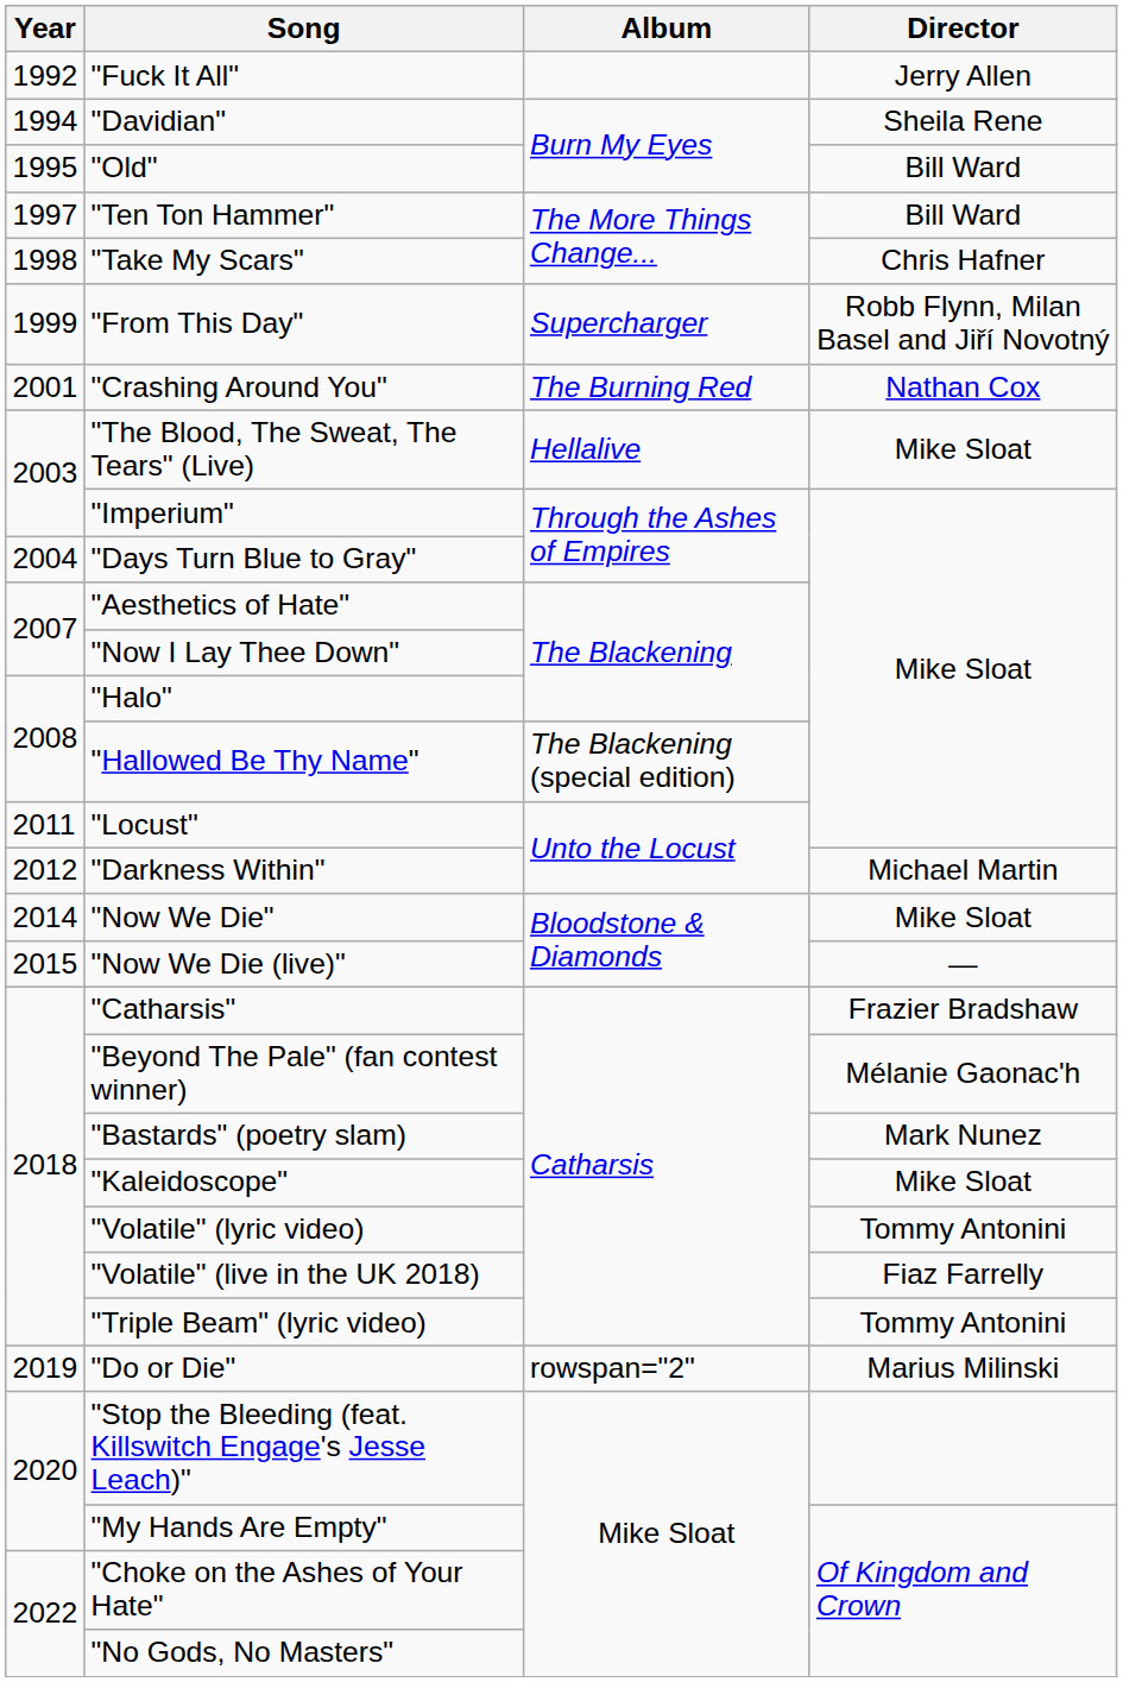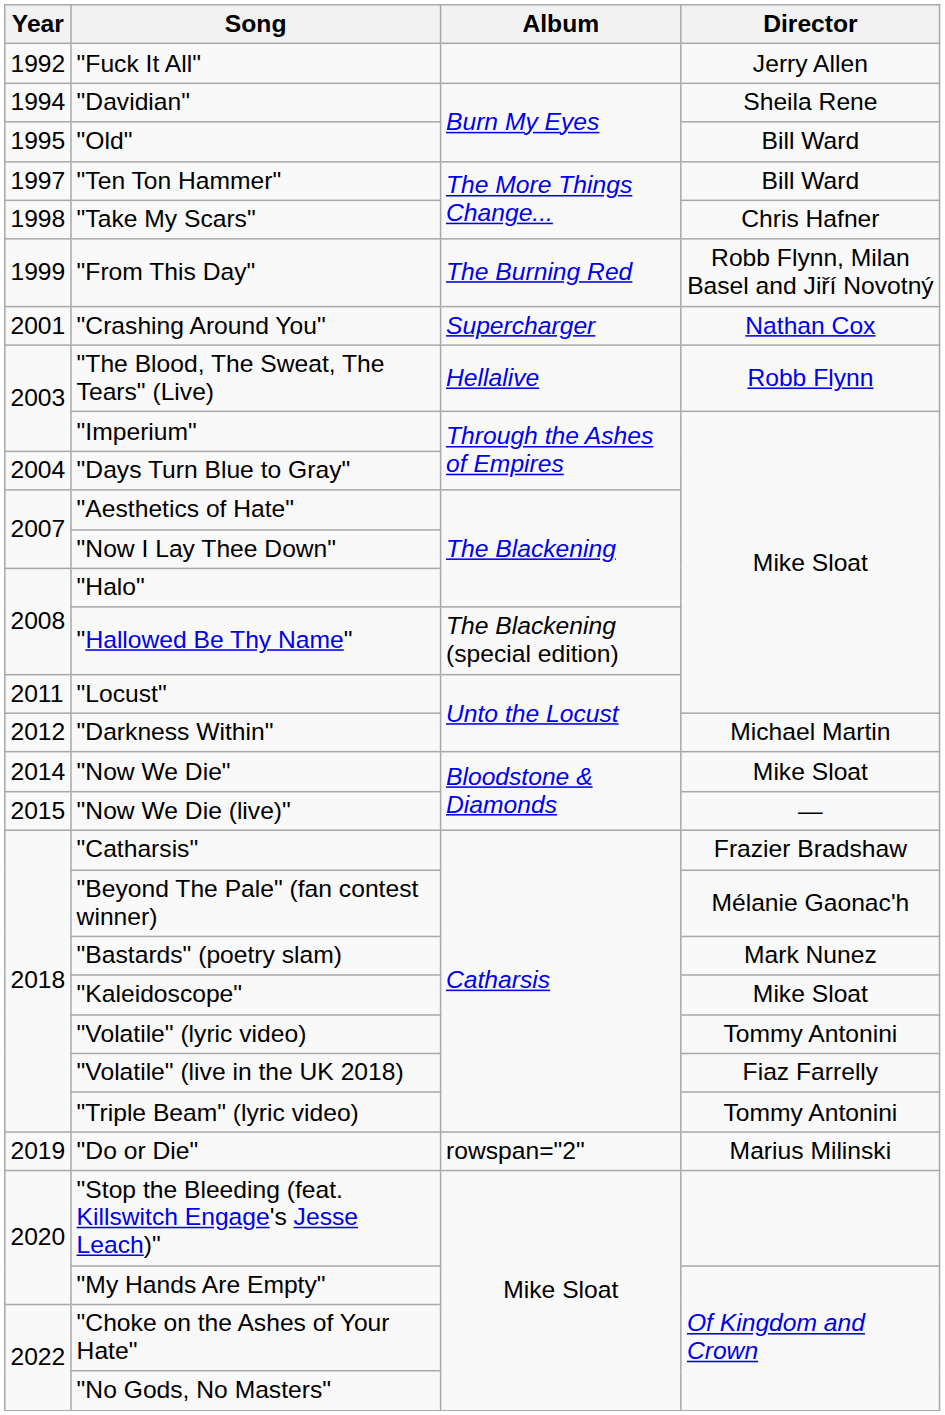 <table class="wikitable">
 <tr>
 <th>Year</th>
 <th>Song</th>
 <th>Album</th>
 <th>Director</th>
 </tr>
 <tr>
 <td>1992</td>
 <td>"Fuck It All"</td>
 <td></td>
 <td style="text-align:center;">Jerry Allen</td>
 </tr>
 <tr>
 <td>1994</td>
 <td>"Davidian"</td>
 <td rowspan="2"><em><a href='#'>Burn My Eyes</a></em></td>
 <td style="text-align:center;">Sheila Rene</td>
 </tr>
 <tr>
 <td>1995</td>
 <td>"Old"</td>
 <td style="text-align:center;">Bill Ward</td>
 </tr>
 <tr>
 <td>1997</td>
 <td>"Ten Ton Hammer"</td>
 <td rowspan="2"><em><a href='#'>The More Things Change...</a></em></td>
 <td style="text-align:center;">Bill Ward</td>
 </tr>
 <tr>
 <td>1998</td>
 <td>"Take My Scars"</td>
 <td style="text-align:center;">Chris Hafner</td>
 </tr>
 <tr>
 <td>1999</td>
 <td>"From This Day"</td>
-<td><em><a href='#'>Supercharger</a></em></td>
+<td><em><a href='#'>The Burning Red</a></em></td>
 <td style="text-align:center;">Robb Flynn, Milan Basel and Jiří Novotný</td>
 </tr>
 <tr>
 <td>2001</td>
 <td>"Crashing Around You"</td>
-<td><em><a href='#'>The Burning Red</a></em></td>
+<td><em><a href='#'>Supercharger</a></em></td>
 <td style="text-align:center;"><a href='#'>Nathan Cox</a></td>
 </tr>
 <tr>
 <td rowspan="2">2003</td>
 <td>"The Blood, The Sweat, The Tears" (Live)</td>
 <td><em><a href='#'>Hellalive</a></em></td>
-<td style="text-align:center;">Mike Sloat</td>
+<td style="text-align:center;"><a href='#'>Robb Flynn</a></td>
 </tr>
 <tr>
 <td>"Imperium"</td>
 <td rowspan="2"><em><a href='#'>Through the Ashes of Empires</a></em></td>
 <td rowspan="7" style="text-align:center;">Mike Sloat</td>
 </tr>
 <tr>
 <td>2004</td>
 <td>"Days Turn Blue to Gray"</td>
 </tr>
 <tr>
 <td rowspan="2">2007</td>
 <td>"Aesthetics of Hate"</td>
 <td rowspan="3"><em><a href='#'>The Blackening</a></em></td>
 </tr>
 <tr>
 <td>"Now I Lay Thee Down"</td>
 </tr>
 <tr>
 <td rowspan="2">2008</td>
 <td>"Halo"</td>
 </tr>
 <tr>
 <td>"<a href='#'>Hallowed Be Thy Name</a>"</td>
 <td><em>The Blackening</em> (special edition)</td>
 </tr>
 <tr>
 <td>2011</td>
 <td>"Locust"</td>
 <td rowspan="2"><em><a href='#'>Unto the Locust</a></em></td>
 </tr>
 <tr>
 <td>2012</td>
 <td>"Darkness Within"</td>
 <td style="text-align:center;">Michael Martin</td>
 </tr>
 <tr>
 <td>2014</td>
 <td>"Now We Die"</td>
 <td rowspan="2"><em><a href='#'>Bloodstone & Diamonds</a></em></td>
 <td style="text-align:center;">Mike Sloat</td>
 </tr>
 <tr>
 <td>2015</td>
 <td>"Now We Die (live)"</td>
 <td style="text-align:center;">—</td>
 </tr>
 <tr>
 <td rowspan="7">2018</td>
 <td>"Catharsis"</td>
 <td rowspan="7"><em><a href='#'>Catharsis</a></em></td>
 <td style="text-align:center;">Frazier Bradshaw</td>
 </tr>
 <tr>
 <td>"Beyond The Pale" (fan contest winner)</td>
 <td style="text-align:center;">Mélanie Gaonac'h</td>
 </tr>
 <tr>
 <td>"Bastards" (poetry slam)</td>
 <td style="text-align:center;">Mark Nunez</td>
 </tr>
 <tr>
 <td>"Kaleidoscope"</td>
 <td style="text-align:center;">Mike Sloat</td>
 </tr>
 <tr>
 <td>"Volatile" (lyric video)</td>
 <td style="text-align:center;">Tommy Antonini</td>
 </tr>
 <tr>
 <td>"Volatile" (live in the UK 2018)</td>
 <td style="text-align:center;">Fiaz Farrelly</td>
 </tr>
 <tr>
 <td>"Triple Beam" (lyric video)</td>
 <td style="text-align:center;">Tommy Antonini</td>
 </tr>
 <tr>
 <td>2019</td>
 <td>"Do or Die"</td>
 <td>rowspan="2" </td>
 <td style="text-align:center;">Marius Milinski</td>
 </tr>
 <tr>
 <td rowspan="2">2020</td>
 <td>"Stop the Bleeding (feat. <a href='#'>Killswitch Engage</a>'s <a href='#'>Jesse Leach</a>)"</td>
 <td style="text-align:center;" rowspan="4">Mike Sloat</td>
 </tr>
 <tr>
 <td>"My Hands Are Empty"</td>
 <td rowspan="3"><em><a href='#'>Of Kingdom and Crown</a></em></td>
 </tr>
 <tr>
 <td rowspan="2">2022</td>
 <td>"Choke on the Ashes of Your Hate"</td>
 </tr>
 <tr>
 <td>"No Gods, No Masters"</td>
 </tr>
 </table>
